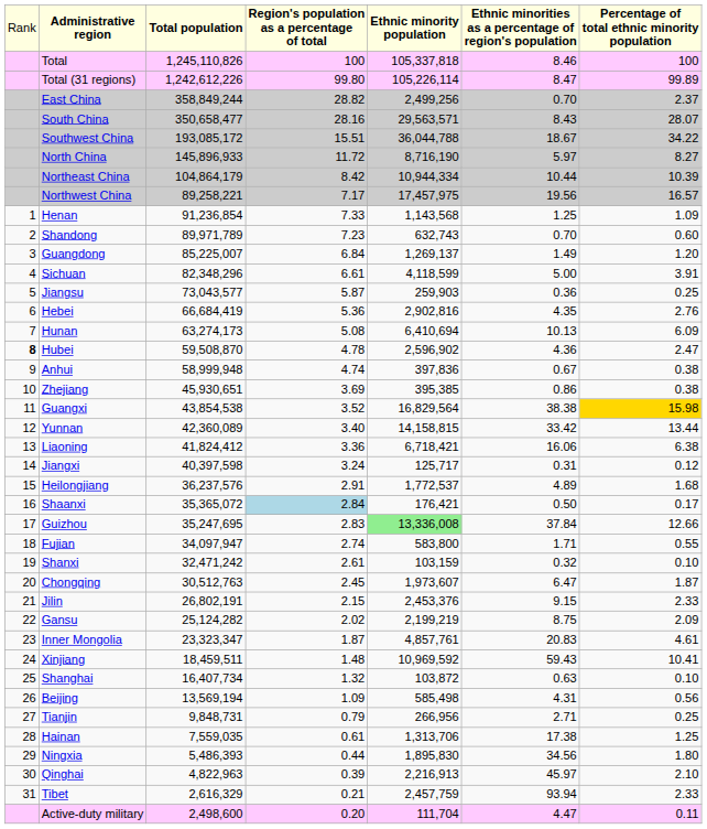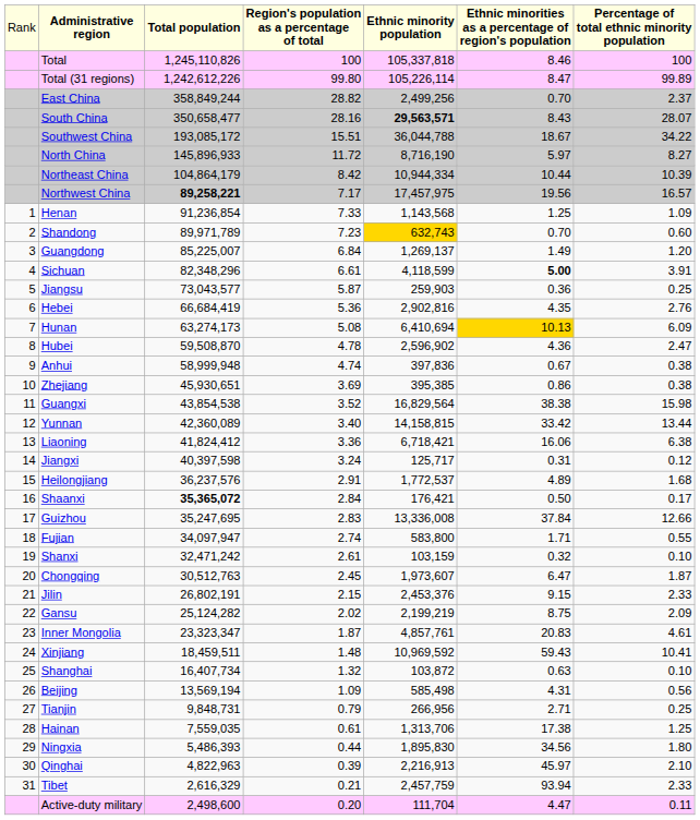 <table class="wikitable sortable" font=90%>
 <tr valign=bottom bgcolor="#FFFFE0">
 <td align="center" valign="middle">Rank<br></td>
 <td align="center" valign="middle"><strong>Administrative<br>region</strong><br></td>
 <td align="center" valign="middle"><strong>Total population</strong><br></td>
 <td align="center" valign="middle"><strong>Region's population<br>as a percentage<br>of total</strong><br></td>
 <td align="center" valign="middle"><strong>Ethnic minority<br>population</strong><br></td>
 <td align="center" valign="middle"><strong>Ethnic minorities<br>as a percentage of<br>region's population</strong><br></td>
 <td align="center" valign="middle"><strong>Percentage of<br>total ethnic minority<br>population</strong><br></td>
 </tr>
 <tr>
 <td bgcolor="#FFCAFF"></td>
 <td bgcolor="#FFCAFF">Total</td>
 <td align="right" bgcolor="#FFCAFF">1,245,110,826</td>
 <td align="right" bgcolor="#FFCAFF">100</td>
 <td align="right" bgcolor="#FFCAFF">105,337,818</td>
 <td align="right" bgcolor="#FFCAFF">8.46</td>
 <td align="right" bgcolor="#FFCAFF">100</td>
 </tr>
 <tr>
 <td bgcolor="#FFCAFF"></td>
 <td bgcolor="#FFCAFF">Total (31 regions)</td>
 <td align="right" bgcolor="#FFCAFF">1,242,612,226</td>
 <td align="right" bgcolor="#FFCAFF">99.80</td>
 <td align="right" bgcolor="#FFCAFF">105,226,114</td>
 <td align="right" bgcolor="#FFCAFF">8.47</td>
 <td align="right" bgcolor="#FFCAFF">99.89</td>
 </tr>
 <tr>
 <td bgcolor="#CCCCCC"></td>
 <td bgcolor="#CCCCCC"><a href='#'>East China</a></td>
 <td align="right" bgcolor="#CCCCCC">358,849,244</td>
 <td align="right" bgcolor="#CCCCCC">28.82</td>
 <td align="right" bgcolor="#CCCCCC">2,499,256</td>
 <td align="right" bgcolor="#CCCCCC">0.70</td>
 <td align="right" bgcolor="#CCCCCC">2.37</td>
 </tr>
 <tr>
 <td bgcolor="#CCCCCC"></td>
 <td bgcolor="#CCCCCC"><a href='#'>South China</a></td>
 <td align="right" bgcolor="#CCCCCC">350,658,477</td>
 <td align="right" bgcolor="#CCCCCC">28.16</td>
-<td align="right" bgcolor="#CCCCCC">29,563,571</td>
+<td align="right" bgcolor="#CCCCCC"><strong>29,563,571</strong></td>
 <td align="right" bgcolor="#CCCCCC">8.43</td>
 <td align="right" bgcolor="#CCCCCC">28.07</td>
 </tr>
 <tr>
 <td bgcolor="#CCCCCC"></td>
 <td bgcolor="#CCCCCC"><a href='#'>Southwest China</a></td>
 <td align="right" bgcolor="#CCCCCC">193,085,172</td>
 <td align="right" bgcolor="#CCCCCC">15.51</td>
 <td align="right" bgcolor="#CCCCCC">36,044,788</td>
 <td align="right" bgcolor="#CCCCCC">18.67</td>
 <td align="right" bgcolor="#CCCCCC">34.22</td>
 </tr>
 <tr>
 <td bgcolor="#CCCCCC"></td>
 <td bgcolor="#CCCCCC"><a href='#'>North China</a></td>
 <td align="right" bgcolor="#CCCCCC">145,896,933</td>
 <td align="right" bgcolor="#CCCCCC">11.72</td>
 <td align="right" bgcolor="#CCCCCC">8,716,190</td>
 <td align="right" bgcolor="#CCCCCC">5.97</td>
 <td align="right" bgcolor="#CCCCCC">8.27</td>
 </tr>
 <tr>
 <td bgcolor="#CCCCCC" bgcolor="#CCCCCC"></td>
 <td bgcolor="#CCCCCC" bgcolor="#CCCCCC"><a href='#'>Northeast China</a></td>
 <td align="right" bgcolor="#CCCCCC">104,864,179</td>
 <td align="right" bgcolor="#CCCCCC">8.42</td>
 <td align="right" bgcolor="#CCCCCC">10,944,334</td>
 <td align="right" bgcolor="#CCCCCC">10.44</td>
 <td align="right" bgcolor="#CCCCCC">10.39</td>
 </tr>
 <tr>
 <td bgcolor="#CCCCCC"></td>
 <td bgcolor="#CCCCCC"><a href='#'>Northwest China</a></td>
-<td align="right" bgcolor="#CCCCCC">89,258,221</td>
+<td align="right" bgcolor="#CCCCCC"><strong>89,258,221</strong></td>
 <td align="right" bgcolor="#CCCCCC">7.17</td>
 <td align="right" bgcolor="#CCCCCC">17,457,975</td>
 <td align="right" bgcolor="#CCCCCC">19.56</td>
 <td align="right" bgcolor="#CCCCCC">16.57</td>
 </tr>
 <tr>
 <td align="right">1</td>
 <td><a href='#'>Henan</a></td>
 <td align="right">91,236,854</td>
 <td align="right">7.33</td>
 <td align="right">1,143,568</td>
 <td align="right">1.25</td>
 <td align="right">1.09</td>
 </tr>
 <tr>
 <td align="right">2</td>
 <td><a href='#'>Shandong</a></td>
 <td align="right">89,971,789</td>
 <td align="right">7.23</td>
-<td align="right">632,743</td>
+<td align="right" style="background: gold;">632,743</td>
 <td align="right">0.70</td>
 <td align="right">0.60</td>
 </tr>
 <tr>
 <td align="right">3</td>
 <td><a href='#'>Guangdong</a></td>
 <td align="right">85,225,007</td>
 <td align="right">6.84</td>
 <td align="right">1,269,137</td>
 <td align="right">1.49</td>
 <td align="right">1.20</td>
 </tr>
 <tr>
 <td align="right">4</td>
 <td><a href='#'>Sichuan</a></td>
 <td align="right">82,348,296</td>
 <td align="right">6.61</td>
 <td align="right">4,118,599</td>
-<td align="right">5.00</td>
+<td align="right"><strong>5.00</strong></td>
 <td align="right">3.91</td>
 </tr>
 <tr>
 <td align="right">5</td>
 <td><a href='#'>Jiangsu</a></td>
 <td align="right">73,043,577</td>
 <td align="right">5.87</td>
 <td align="right">259,903</td>
 <td align="right">0.36</td>
 <td align="right">0.25</td>
 </tr>
 <tr>
 <td align="right">6</td>
 <td><a href='#'>Hebei</a></td>
 <td align="right">66,684,419</td>
 <td align="right">5.36</td>
 <td align="right">2,902,816</td>
 <td align="right">4.35</td>
 <td align="right">2.76</td>
 </tr>
 <tr>
 <td align="right">7</td>
 <td><a href='#'>Hunan</a></td>
 <td align="right">63,274,173</td>
 <td align="right">5.08</td>
 <td align="right">6,410,694</td>
-<td align="right">10.13</td>
+<td align="right" style="background: gold;">10.13</td>
 <td align="right">6.09</td>
 </tr>
 <tr>
-<td align="right"><strong>8</strong></td>
+<td align="right">8</td>
 <td><a href='#'>Hubei</a></td>
 <td align="right">59,508,870</td>
 <td align="right">4.78</td>
 <td align="right">2,596,902</td>
 <td align="right">4.36</td>
 <td align="right">2.47</td>
 </tr>
 <tr>
 <td align="right">9</td>
 <td><a href='#'>Anhui</a></td>
 <td align="right">58,999,948</td>
 <td align="right">4.74</td>
 <td align="right">397,836</td>
 <td align="right">0.67</td>
 <td align="right">0.38</td>
 </tr>
 <tr>
 <td align="right">10</td>
 <td><a href='#'>Zhejiang</a></td>
 <td align="right">45,930,651</td>
 <td align="right">3.69</td>
 <td align="right">395,385</td>
 <td align="right">0.86</td>
 <td align="right">0.38</td>
 </tr>
 <tr>
 <td align="right">11</td>
 <td><a href='#'>Guangxi</a></td>
 <td align="right">43,854,538</td>
 <td align="right">3.52</td>
 <td align="right">16,829,564</td>
 <td align="right">38.38</td>
-<td align="right" style="background: gold;">15.98</td>
+<td align="right">15.98</td>
 </tr>
 <tr>
 <td align="right">12</td>
 <td><a href='#'>Yunnan</a></td>
 <td align="right">42,360,089</td>
 <td align="right">3.40</td>
 <td align="right">14,158,815</td>
 <td align="right">33.42</td>
 <td align="right">13.44</td>
 </tr>
 <tr>
 <td align="right">13</td>
 <td><a href='#'>Liaoning</a></td>
 <td align="right">41,824,412</td>
 <td align="right">3.36</td>
 <td align="right">6,718,421</td>
 <td align="right">16.06</td>
 <td align="right">6.38</td>
 </tr>
 <tr>
 <td align="right">14</td>
 <td><a href='#'>Jiangxi</a></td>
 <td align="right">40,397,598</td>
 <td align="right">3.24</td>
 <td align="right">125,717</td>
 <td align="right">0.31</td>
 <td align="right">0.12</td>
 </tr>
 <tr>
 <td align="right">15</td>
 <td><a href='#'>Heilongjiang</a></td>
 <td align="right">36,237,576</td>
 <td align="right">2.91</td>
 <td align="right">1,772,537</td>
 <td align="right">4.89</td>
 <td align="right">1.68</td>
 </tr>
 <tr>
 <td align="right">16</td>
 <td><a href='#'>Shaanxi</a></td>
-<td align="right">35,365,072</td>
-<td align="right" style="background: lightblue;">2.84</td>
+<td align="right"><strong>35,365,072</strong></td>
+<td align="right">2.84</td>
 <td align="right">176,421</td>
 <td align="right">0.50</td>
 <td align="right">0.17</td>
 </tr>
 <tr>
 <td align="right">17</td>
 <td><a href='#'>Guizhou</a></td>
 <td align="right">35,247,695</td>
 <td align="right">2.83</td>
-<td align="right" style="background: lightgreen;">13,336,008</td>
+<td align="right">13,336,008</td>
 <td align="right">37.84</td>
 <td align="right">12.66</td>
 </tr>
 <tr>
 <td align="right">18</td>
 <td><a href='#'>Fujian</a></td>
 <td align="right">34,097,947</td>
 <td align="right">2.74</td>
 <td align="right">583,800</td>
 <td align="right">1.71</td>
 <td align="right">0.55</td>
 </tr>
 <tr>
 <td align="right">19</td>
 <td><a href='#'>Shanxi</a></td>
 <td align="right">32,471,242</td>
 <td align="right">2.61</td>
 <td align="right">103,159</td>
 <td align="right">0.32</td>
 <td align="right">0.10</td>
 </tr>
 <tr>
 <td align="right">20</td>
 <td><a href='#'>Chongqing</a></td>
 <td align="right">30,512,763</td>
 <td align="right">2.45</td>
 <td align="right">1,973,607</td>
 <td align="right">6.47</td>
 <td align="right">1.87</td>
 </tr>
 <tr>
 <td align="right">21</td>
 <td><a href='#'>Jilin</a></td>
 <td align="right">26,802,191</td>
 <td align="right">2.15</td>
 <td align="right">2,453,376</td>
 <td align="right">9.15</td>
 <td align="right">2.33</td>
 </tr>
 <tr>
 <td align="right">22</td>
 <td><a href='#'>Gansu</a></td>
 <td align="right">25,124,282</td>
 <td align="right">2.02</td>
 <td align="right">2,199,219</td>
 <td align="right">8.75</td>
 <td align="right">2.09</td>
 </tr>
 <tr>
 <td align="right">23</td>
 <td><a href='#'>Inner Mongolia</a></td>
 <td align="right">23,323,347</td>
 <td align="right">1.87</td>
 <td align="right">4,857,761</td>
 <td align="right">20.83</td>
 <td align="right">4.61</td>
 </tr>
 <tr>
 <td align="right">24</td>
 <td><a href='#'>Xinjiang</a></td>
 <td align="right">18,459,511</td>
 <td align="right">1.48</td>
 <td align="right">10,969,592</td>
 <td align="right">59.43</td>
 <td align="right">10.41</td>
 </tr>
 <tr>
 <td align="right">25</td>
 <td><a href='#'>Shanghai</a></td>
 <td align="right">16,407,734</td>
 <td align="right">1.32</td>
 <td align="right">103,872</td>
 <td align="right">0.63</td>
 <td align="right">0.10</td>
 </tr>
 <tr>
 <td align="right">26</td>
 <td><a href='#'>Beijing</a></td>
 <td align="right">13,569,194</td>
 <td align="right">1.09</td>
 <td align="right">585,498</td>
 <td align="right">4.31</td>
 <td align="right">0.56</td>
 </tr>
 <tr>
 <td align="right">27</td>
 <td><a href='#'>Tianjin</a></td>
 <td align="right">9,848,731</td>
 <td align="right">0.79</td>
 <td align="right">266,956</td>
 <td align="right">2.71</td>
 <td align="right">0.25</td>
 </tr>
 <tr>
 <td align="right">28</td>
 <td><a href='#'>Hainan</a></td>
 <td align="right">7,559,035</td>
 <td align="right">0.61</td>
 <td align="right">1,313,706</td>
 <td align="right">17.38</td>
 <td align="right">1.25</td>
 </tr>
 <tr>
 <td align="right">29</td>
 <td><a href='#'>Ningxia</a></td>
 <td align="right">5,486,393</td>
 <td align="right">0.44</td>
 <td align="right">1,895,830</td>
 <td align="right">34.56</td>
 <td align="right">1.80</td>
 </tr>
 <tr>
 <td align="right">30</td>
 <td><a href='#'>Qinghai</a></td>
 <td align="right">4,822,963</td>
 <td align="right">0.39</td>
 <td align="right">2,216,913</td>
 <td align="right">45.97</td>
 <td align="right">2.10</td>
 </tr>
 <tr>
 <td align="right">31</td>
 <td><a href='#'>Tibet</a></td>
 <td align="right">2,616,329</td>
 <td align="right">0.21</td>
 <td align="right">2,457,759</td>
 <td align="right">93.94</td>
 <td align="right">2.33</td>
 </tr>
 <tr>
 <td align="right" bgcolor="#FFCAFF"></td>
 <td bgcolor="#FFCAFF">Active-duty military</td>
 <td align="right" bgcolor="#FFCAFF">2,498,600</td>
 <td align="right" bgcolor="#FFCAFF">0.20</td>
 <td align="right" bgcolor="#FFCAFF">111,704</td>
 <td align="right" bgcolor="#FFCAFF">4.47</td>
 <td align="right" bgcolor="#FFCAFF">0.11</td>
 </tr>
 </table>
